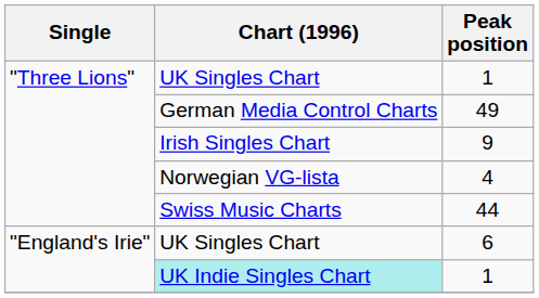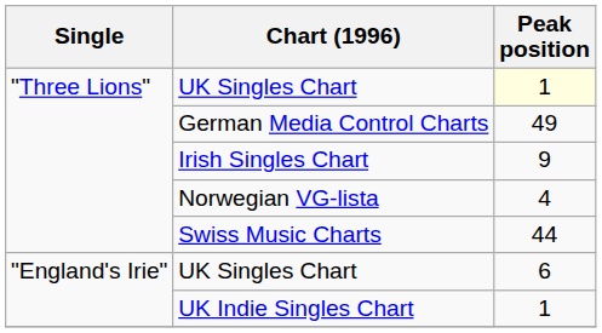 <table class="wikitable">
 <tr>
 <th>Single</th>
 <th>Chart (1996)</th>
 <th>Peak<br>position</th>
 </tr>
 <tr>
 <td rowspan=5 valign="top">"<a href='#'>Three Lions</a>"</td>
 <td><a href='#'>UK Singles Chart</a></td>
-<td align="center">1</td>
+<td align="center" style="background: lightyellow;">1</td>
 </tr>
 <tr>
 <td>German <a href='#'>Media Control Charts</a></td>
 <td align="center">49</td>
 </tr>
 <tr>
 <td><a href='#'>Irish Singles Chart</a></td>
 <td align="center">9</td>
 </tr>
 <tr>
 <td>Norwegian <a href='#'>VG-lista</a></td>
 <td align="center">4</td>
 </tr>
 <tr>
 <td><a href='#'>Swiss Music Charts</a></td>
 <td align="center">44</td>
 </tr>
 <tr>
 <td rowspan=2 valign="top">"England's Irie"</td>
 <td>UK Singles Chart</td>
 <td align="center">6</td>
 </tr>
 <tr>
-<td style="background: paleturquoise;"><a href='#'>UK Indie Singles Chart</a></td>
+<td><a href='#'>UK Indie Singles Chart</a></td>
 <td align="center">1</td>
 </tr>
 <tr>
 </tr>
 </table>
